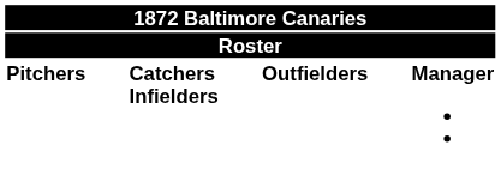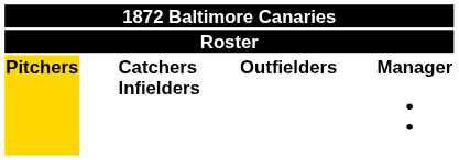 <table class="toccolours" style="font-size: 95%;">
 <tr>
 <th colspan="10" style="background-color: black; color:white; text-align: center;">1872 Baltimore Canaries</th>
 </tr>
 <tr>
 <td colspan="10" style="background-color:black; color: white; text-align: center;"><strong>Roster</strong></td>
 </tr>
 <tr>
-<td valign="top"><strong>Pitchers</strong><br> </td>
+<td valign="top" style="background: gold;"><strong>Pitchers</strong><br> </td>
 <td width="25px"></td>
 <td valign="top"><strong>Catchers</strong><br>   <strong>Infielders</strong>    </td>
 <td width="25px"></td>
 <td valign="top"><strong>Outfielders</strong><br>  </td>
 <td width="25px"></td>
 <td valign="top"><strong>Manager</strong><br><ul><li></li><li></li></ul></td>
 </tr>
 </table>
